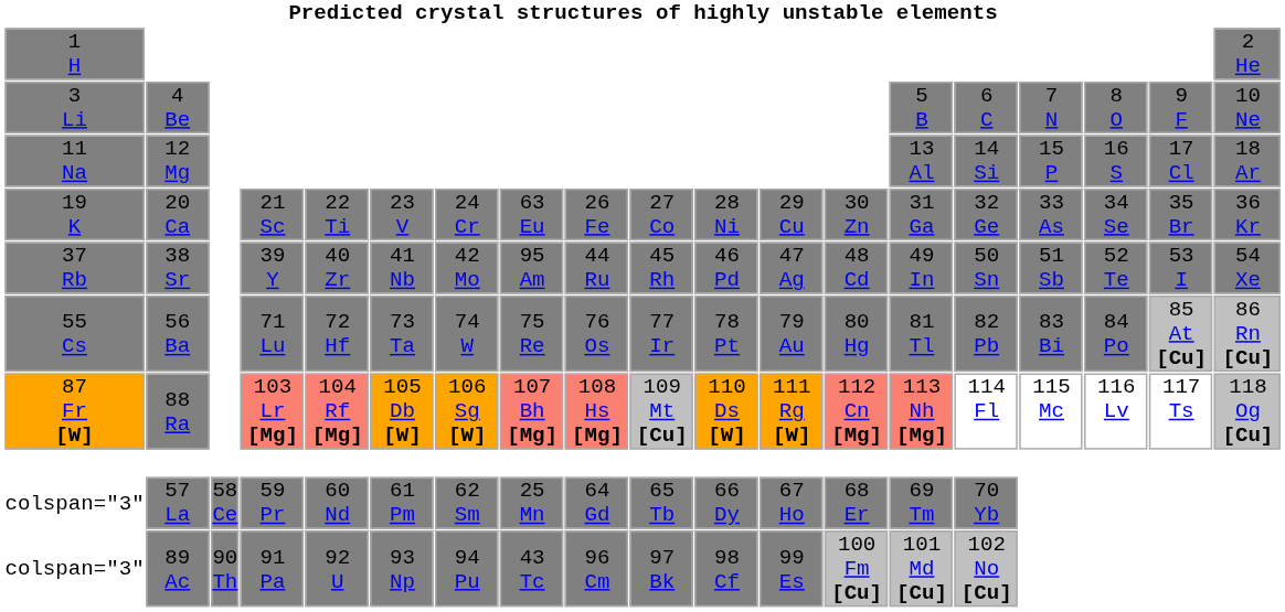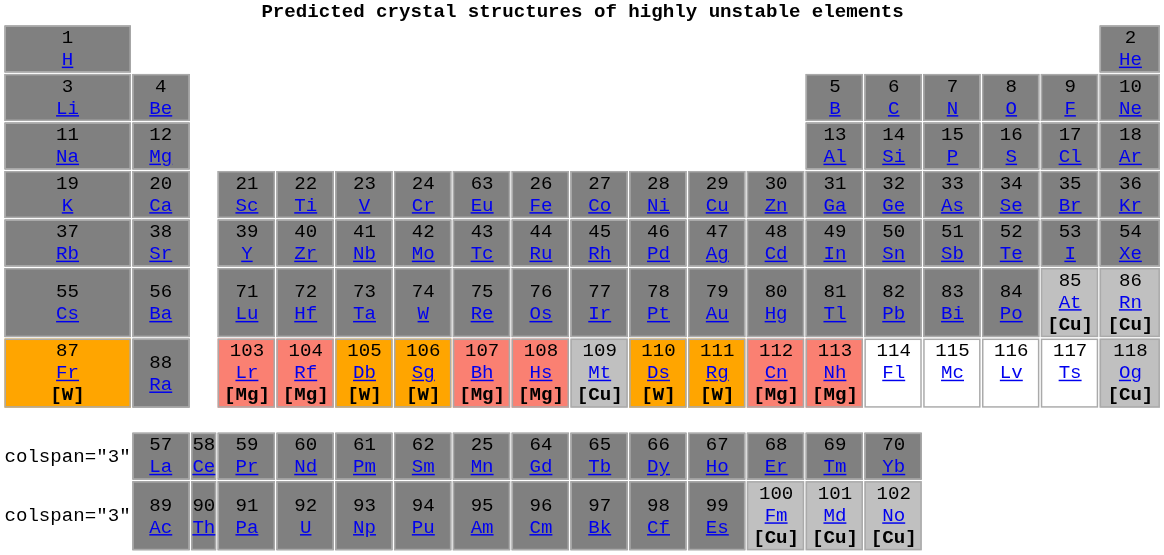 <table border="0" cellpadding="0" cellspacing="1" style="text-align:center; background:">
 <tr>
 <th colspan=20 style="background:">Predicted crystal structures of highly unstable elements</th>
 </tr>
 <tr style="background:">
 </tr>
 <tr>
 <td style="width:3em; border:1px solid #aaaaaa;  background-color:grey;">1<br><a href='#'>H</a><br></td>
 <td style="width:3em;"></td>
 <td style="width:0.5em;"></td>
 <td style="width:3em;"></td>
 <td style="width:3em;"></td>
 <td style="width:3em;"></td>
 <td style="width:3em;"></td>
 <td style="width:3em;"></td>
 <td style="width:3em;"></td>
 <td style="width:3em;"></td>
 <td style="width:3em;"></td>
 <td style="width:3em;"></td>
 <td style="width:3em;"></td>
 <td style="width:3em;"></td>
 <td style="width:3em;"></td>
 <td style="width:3em;"></td>
 <td style="width:3em;"></td>
 <td style="width:3em;"></td>
 <td style="width:3em; border:1px solid #aaaaaa; background-color:grey;">2<br><a href='#'>He</a><br></td>
 </tr>
 <tr>
 <td style="border:1px solid #aaaaaa; background-color:grey;">3<br> <a href='#'>Li</a><br></td>
 <td style="border:1px solid #aaaaaa; background-color:grey;">4<br> <a href='#'>Be</a><br></td>
 <td colspan=11></td>
 <td style="border:1px solid #aaaaaa; background-color:grey;">5<br> <a href='#'>B</a><br></td>
 <td style="border:1px solid #aaaaaa; background-color:grey;">6<br> <a href='#'>C</a><br></td>
 <td style="border:1px solid #aaaaaa; background-color:grey;">7<br> <a href='#'>N</a><br></td>
 <td style="border:1px solid #aaaaaa; background-color:grey;">8<br> <a href='#'>O</a><br></td>
 <td style="border:1px solid #aaaaaa; background-color:grey;">9<br> <a href='#'>F</a><br></td>
 <td style="border:1px solid #aaaaaa; background-color:grey;">10<br> <a href='#'>Ne</a><br></td>
 </tr>
 <tr>
 <td style="border:1px solid #aaaaaa; background-color:grey;">11<br> <a href='#'>Na</a><br></td>
 <td style="border:1px solid #aaaaaa; background-color:grey;">12<br> <a href='#'>Mg</a><br></td>
 <td colspan=11></td>
 <td style="border:1px solid #aaaaaa; background-color:grey;">13<br> <a href='#'>Al</a> <br></td>
 <td style="border:1px solid #aaaaaa; background-color:grey;">14<br> <a href='#'>Si</a> <br></td>
 <td style="border:1px solid #aaaaaa; background-color:grey;">15<br> <a href='#'>P</a> <br></td>
 <td style="border:1px solid #aaaaaa; background-color:grey;">16<br> <a href='#'>S</a> <br></td>
 <td style="border:1px solid #aaaaaa; background-color:grey;">17<br> <a href='#'>Cl</a> <br></td>
 <td style="border:1px solid #aaaaaa; background-color:grey;">18<br> <a href='#'>Ar</a> <br></td>
 </tr>
 <tr>
 <td style="border:1px solid #aaaaaa; background-color:grey;">19<br><a href='#'>K</a><br></td>
 <td style="border:1px solid #aaaaaa; background-color:grey;">20<br> <a href='#'>Ca</a> <br></td>
 <td></td>
 <td style="border:1px solid #aaaaaa; background-color:grey;">21<br><a href='#'>Sc</a><br></td>
 <td style="border:1px solid #aaaaaa; background-color:grey;">22<br><a href='#'>Ti</a> <br></td>
 <td style="border:1px solid #aaaaaa; background-color:grey;">23<br> <a href='#'>V</a><br></td>
 <td style="border:1px solid #aaaaaa; background-color:grey;">24<br><a href='#'>Cr</a> <br></td>
 <td style="border:1px solid #aaaaaa; background-color:grey;">63<br><a href='#'>Eu</a><br></td>
 <td style="border:1px solid #aaaaaa; background-color:grey;">26<br><a href='#'>Fe</a> <br></td>
 <td style="border:1px solid #aaaaaa; background-color:grey;">27<br> <a href='#'>Co</a> <br></td>
 <td style="border:1px solid #aaaaaa; background-color:grey;">28<br> <a href='#'>Ni</a> <br></td>
 <td style="border:1px solid #aaaaaa; background-color:grey">29<br><a href='#'>Cu</a> <br></td>
 <td style="border:1px solid #aaaaaa; background-color:grey">30<br> <a href='#'>Zn</a> <br></td>
 <td style="border:1px solid #aaaaaa; background-color:grey;">31<br><a href='#'>Ga</a> <br></td>
 <td style="border:1px solid #aaaaaa; background-color:grey">32<br> <a href='#'>Ge</a> <br></td>
 <td style="border:1px solid #aaaaaa; background-color:grey;">33<br><a href='#'>As</a> <br></td>
 <td style="border:1px solid #aaaaaa; background-color:grey;">34<br><a href='#'>Se</a> <br></td>
 <td style="border:1px solid #aaaaaa; background-color:grey;">35<br><a href='#'>Br</a> <br></td>
 <td style="border:1px solid #aaaaaa; background-color:grey;">36<br> <a href='#'>Kr</a> <br></td>
 </tr>
 <tr>
 <td style="border:1px solid #aaaaaa; background-color:grey;">37<br> <a href='#'>Rb</a> <br></td>
 <td style="border:1px solid #aaaaaa; background-color:grey;">38<br> <a href='#'>Sr</a> <br></td>
 <td></td>
 <td style="border:1px solid #aaaaaa; background-color:grey;">39<br> <a href='#'>Y</a> <br></td>
 <td style="border:1px solid #aaaaaa; background-color:grey;">40<br><a href='#'>Zr</a> <br></td>
 <td style="border:1px solid #aaaaaa; background-color:grey;">41<br><a href='#'>Nb</a> <br></td>
 <td style="border:1px solid #aaaaaa; background-color:grey;">42<br> <a href='#'>Mo</a> <br></td>
-<td style="border:1px solid #aaaaaa; background-color:grey;">95<br><a href='#'>Am</a><br></td>
+<td style="border:1px solid #aaaaaa; background-color:grey;">43<br> <a href='#'>Tc</a> <br></td>
 <td style="border:1px solid #aaaaaa; background-color:grey;">44<br> <a href='#'>Ru</a> <br></td>
 <td style="border:1px solid #aaaaaa; background-color:grey;">45<br> <a href='#'>Rh</a> <br></td>
 <td style="border:1px solid #aaaaaa; background-color:grey;">46<br> <a href='#'>Pd</a> <br></td>
 <td style="border:1px solid #aaaaaa; background-color:grey;">47<br> <a href='#'>Ag</a> <br></td>
 <td style="border:1px solid #aaaaaa; background-color:grey;">48<br> <a href='#'>Cd</a> <br></td>
 <td style="border:1px solid #aaaaaa; background-color:grey;">49<br> <a href='#'>In</a> <br></td>
 <td style="border:1px solid #aaaaaa; background-color:grey;">50<br> <a href='#'>Sn</a> <br></td>
 <td style="border:1px solid #aaaaaa; background-color:grey;">51<br> <a href='#'>Sb</a> <br></td>
 <td style="border:1px solid #aaaaaa; background-color:grey;">52<br><a href='#'>Te</a> <br></td>
 <td style="border:1px solid #aaaaaa; background-color:grey;">53<br><a href='#'>I</a> <br></td>
 <td style="border:1px solid #aaaaaa; background-color:grey;">54<br> <a href='#'>Xe</a> <br></td>
 </tr>
 <tr>
 <td style="border:1px solid #aaaaaa; background-color:grey;">55<br> <a href='#'>Cs</a><br></td>
 <td style="border:1px solid #aaaaaa; background-color:grey;">56<br> <a href='#'>Ba</a><br></td>
 <td></td>
 <td style="border:1px solid #aaaaaa; background-color:grey;">71<br><a href='#'>Lu</a><br></td>
 <td style="border:1px solid #aaaaaa; background-color:grey;">72<br> <a href='#'>Hf</a> <br></td>
 <td style="border:1px solid #aaaaaa; background-color:grey;">73<br> <a href='#'>Ta</a> <br></td>
 <td style="border:1px solid #aaaaaa; background-color:grey;">74<br> <a href='#'>W</a> <br></td>
 <td style="border:1px solid #aaaaaa; background-color:grey;">75<br> <a href='#'>Re</a> <br></td>
 <td style="border:1px solid #aaaaaa; background-color:grey;">76<br> <a href='#'>Os</a> <br></td>
 <td style="border:1px solid #aaaaaa; background-color:grey;">77<br> <a href='#'>Ir</a><br></td>
 <td style="border:1px solid #aaaaaa; background-color:grey;">78<br> <a href='#'>Pt</a> <br></td>
 <td style="border:1px solid #aaaaaa; background-color:grey;">79<br> <a href='#'>Au</a> <br></td>
 <td style="border:1px solid #aaaaaa; background-color:grey;">80<br> <a href='#'>Hg</a> <br></td>
 <td style="border:1px solid #aaaaaa; background-color:grey;">81<br> <a href='#'>Tl</a> <br></td>
 <td style="border:1px solid #aaaaaa; background-color:grey;">82<br> <a href='#'>Pb</a> <br></td>
 <td style="border:1px solid #aaaaaa; background-color:grey;">83<br> <a href='#'>Bi</a> <br></td>
 <td style="border:1px solid #aaaaaa; background-color:grey;">84<br> <a href='#'>Po</a> <br></td>
 <td style="border:1px solid #aaaaaa; background-color:silver;">85<br> <a href='#'>At</a> <br><strong>[Cu]</strong></td>
 <td style="border:1px solid #aaaaaa; background-color:silver;">86<br> <a href='#'>Rn</a> <br><strong>[Cu]</strong></td>
 </tr>
 <tr>
 <td style="border:1px solid #aaaaaa; background-color:orange;">87<br><a href='#'>Fr</a><br><strong>[W]</strong></td>
 <td style="border:1px solid #aaaaaa; background-color:grey;">88<br> <a href='#'>Ra</a><br></td>
 <td></td>
 <td style="border:1px solid #aaaaaa; background-color:salmon;">103<br><a href='#'>Lr</a><br><strong>[Mg]</strong></td>
 <td style="border:1px solid #aaaaaa; background-color:salmon;">104<br> <a href='#'>Rf</a><br><strong>[Mg]</strong></td>
 <td style="border:1px solid #aaaaaa; background-color:orange;">105<br> <a href='#'>Db</a><br><strong>[W]</strong></td>
 <td style="border:1px solid #aaaaaa; background-color:orange;">106<br> <a href='#'>Sg</a><br><strong>[W]</strong></td>
 <td style="border:1px solid #aaaaaa; background-color:salmon;">107<br> <a href='#'>Bh</a><br><strong>[Mg]</strong></td>
 <td style="border:1px solid #aaaaaa; background-color:salmon;">108<br> <a href='#'>Hs</a><br><strong>[Mg]</strong></td>
 <td style="border:1px solid #aaaaaa; background-color:silver;">109<br> <a href='#'>Mt</a><br><strong>[Cu]</strong></td>
 <td style="border:1px solid #aaaaaa; background-color:orange;">110<br> <a href='#'>Ds</a><br><strong>[W]</strong></td>
 <td style="border:1px solid #aaaaaa; background-color:orange;">111<br> <a href='#'>Rg</a><br><strong>[W]</strong></td>
 <td style="border:1px solid #aaaaaa; background-color:salmon;">112<br> <a href='#'>Cn</a><br><strong>[Mg]</strong></td>
 <td style="border:1px solid #aaaaaa; background-color:salmon;">113<br> <a href='#'>Nh</a><br><strong>[Mg]</strong></td>
 <td style="border:1px solid #aaaaaa; background-color:white;">114<br> <a href='#'>Fl</a><br> </td>
 <td style="border:1px solid #aaaaaa; background-color:white;">115<br> <a href='#'>Mc</a><br> </td>
 <td style="border:1px solid #aaaaaa; background-color:white;">116<br> <a href='#'>Lv</a><br> </td>
 <td style="border:1px solid #aaaaaa; background-color:white;">117<br> <a href='#'>Ts</a><br> </td>
 <td style="border:1px solid #aaaaaa; background-color:silver;">118<br> <a href='#'>Og</a><br><strong>[Cu]</strong></td>
 </tr>
 <tr>
 <td><br></td>
 </tr>
 <tr>
 <td>colspan="3" </td>
 <td style="border:1px solid #aaaaaa; background-color:grey;">57<br><a href='#'>La</a><br></td>
 <td style="border:1px solid #aaaaaa; background-color:grey;">58<br><a href='#'>Ce</a><br></td>
 <td style="border:1px solid #aaaaaa; background-color:grey;">59<br><a href='#'>Pr</a><br></td>
 <td style="border:1px solid #aaaaaa; background-color:grey;">60<br><a href='#'>Nd</a> <br></td>
 <td style="border:1px solid #aaaaaa; background-color:grey;">61<br><a href='#'>Pm</a><br></td>
 <td style="border:1px solid #aaaaaa; background-color:grey;">62<br><a href='#'>Sm</a><br></td>
 <td style="border:1px solid #aaaaaa; background-color:grey;">25<br> <a href='#'>Mn</a><br></td>
 <td style="border:1px solid #aaaaaa; background-color:grey;">64<br><a href='#'>Gd</a><br></td>
 <td style="border:1px solid #aaaaaa; background-color:grey;">65<br><a href='#'>Tb</a><br></td>
 <td style="border:1px solid #aaaaaa; background-color:grey;">66<br><a href='#'>Dy</a><br></td>
 <td style="border:1px solid #aaaaaa; background-color:grey;">67<br><a href='#'>Ho</a><br></td>
 <td style="border:1px solid #aaaaaa; background-color:grey;">68<br><a href='#'>Er</a><br></td>
 <td style="border:1px solid #aaaaaa; background-color:grey;">69<br><a href='#'>Tm</a><br></td>
 <td style="border:1px solid #aaaaaa; background-color:grey;">70<br><a href='#'>Yb</a><br></td>
 </tr>
 <tr>
 <td>colspan="3" </td>
 <td style="border:1px solid #aaaaaa; background-color:grey;">89<br><a href='#'>Ac</a><br></td>
 <td style="border:1px solid #aaaaaa; background-color:grey;">90<br><a href='#'>Th</a><br></td>
 <td style="border:1px solid #aaaaaa; background-color:grey;">91<br><a href='#'>Pa</a><br></td>
 <td style="border:1px solid #aaaaaa; background-color:grey;">92<br><a href='#'>U</a><br></td>
 <td style="border:1px solid #aaaaaa; background-color:grey;">93<br><a href='#'>Np</a><br></td>
 <td style="border:1px solid #aaaaaa; background-color:grey;">94<br><a href='#'>Pu</a><br></td>
-<td style="border:1px solid #aaaaaa; background-color:grey;">43<br> <a href='#'>Tc</a> <br></td>
+<td style="border:1px solid #aaaaaa; background-color:grey;">95<br><a href='#'>Am</a><br></td>
 <td style="border:1px solid #aaaaaa; background-color:grey;">96<br><a href='#'>Cm</a><br></td>
 <td style="border:1px solid #aaaaaa; background-color:grey;">97<br><a href='#'>Bk</a><br></td>
 <td style="border:1px solid #aaaaaa; background-color:grey;">98<br><a href='#'>Cf</a><br></td>
 <td style="border:1px solid #aaaaaa; background-color:grey;">99<br><a href='#'>Es</a><br></td>
 <td style="border:1px solid #aaaaaa; background-color:silver;">100<br><a href='#'>Fm</a><br> <strong>[Cu]</strong></td>
 <td style="border:1px solid #aaaaaa; background-color:silver;">101<br><a href='#'>Md</a><br> <strong>[Cu]</strong></td>
 <td style="border:1px solid #aaaaaa; background-color:silver;">102<br><a href='#'>No</a><br> <strong>[Cu]</strong></td>
 </tr>
 </table>
